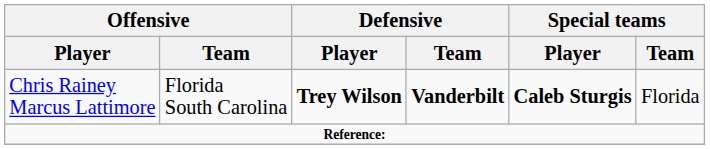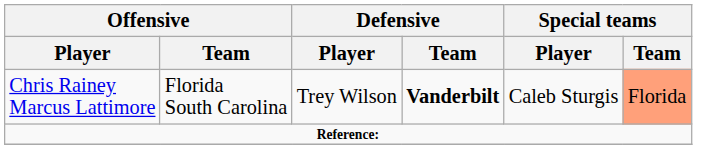 <table class="wikitable" border="1">
 <tr>
 <th colspan="2">Offensive</th>
 <th colspan="2">Defensive</th>
 <th colspan="2">Special teams</th>
 </tr>
 <tr>
 <th>Player</th>
 <th>Team</th>
 <th>Player</th>
 <th>Team</th>
 <th>Player</th>
 <th>Team</th>
 </tr>
 <tr>
 <td><a href='#'>Chris Rainey</a><br><a href='#'>Marcus Lattimore</a></td>
 <td>Florida<br>South Carolina</td>
-<td><strong>Trey Wilson</strong></td>
+<td>Trey Wilson</td>
 <td><strong>Vanderbilt</strong></td>
-<td><strong>Caleb Sturgis</strong></td>
-<td>Florida</td>
+<td>Caleb Sturgis</td>
+<td style="background: lightsalmon;">Florida</td>
 </tr>
 <tr>
 <td colspan="6" style="font-size: 8pt" align="center"><strong>Reference:</strong></td>
 </tr>
 <tr>
 </tr>
 </table>
